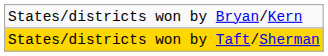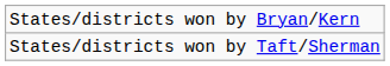 <table class="wikitable">
 <tr>
 <td>States/districts won by <a href='#'>Bryan</a>/<a href='#'>Kern</a></td>
 </tr>
 <tr>
-<td style="background: gold;">States/districts won by <a href='#'>Taft</a>/<a href='#'>Sherman</a></td>
+<td>States/districts won by <a href='#'>Taft</a>/<a href='#'>Sherman</a></td>
 </tr>
 </table>
